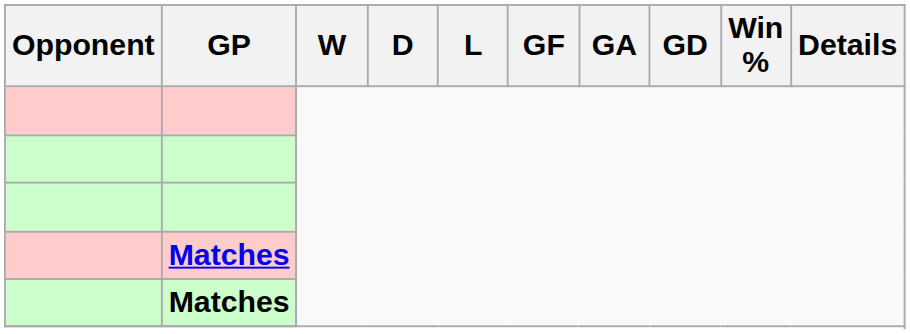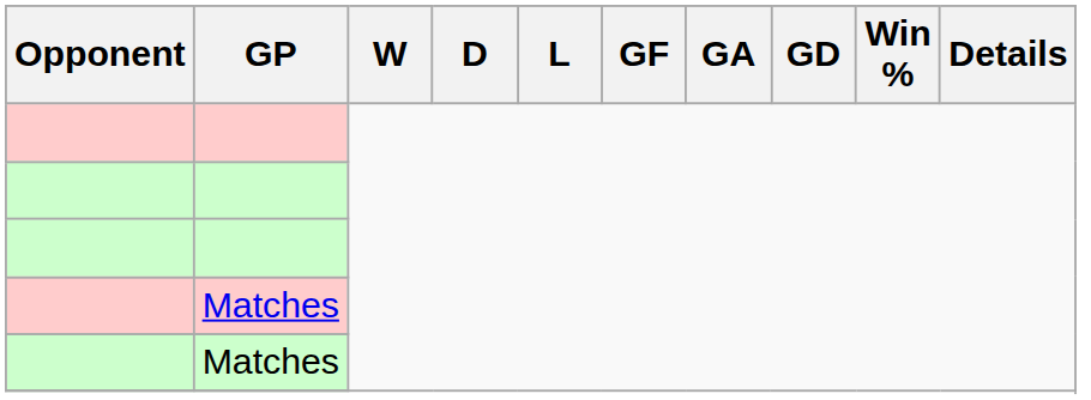 <table class="wikitable" style="text-align:center;">
 <tr>
 <th>Opponent</th>
 <th width="30">GP</th>
 <th width="30">W</th>
 <th width="30">D</th>
 <th width="30">L</th>
 <th width="30">GF</th>
 <th width="30">GA</th>
 <th width="30">GD</th>
 <th width="30">Win %</th>
 <th>Details</th>
 </tr>
 <tr bgcolor="#ffcccc">
 <td align="left"><br></td>
 <td></td>
 </tr>
 <tr bgcolor="#ccffcc">
 <td align="left"><br></td>
 <td></td>
 </tr>
 <tr bgcolor="#ccffcc">
 <td align="left"><br></td>
 <td></td>
 </tr>
 <tr bgcolor="#ffcccc">
 <td align="left"><br></td>
-<td><strong><a href='#'>Matches</a></strong></td>
+<td><a href='#'>Matches</a></td>
 </tr>
 <tr bgcolor="#ccffcc">
 <td align="left"><br></td>
-<td><strong>Matches</strong></td>
+<td>Matches</td>
 </tr>
 <tr>
 </tr>
 </table>
